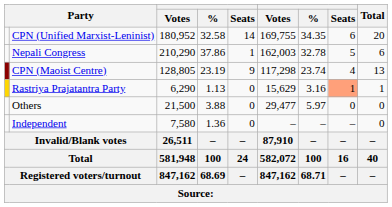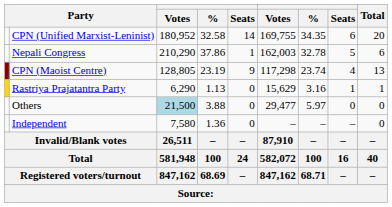 <table class="wikitable" style="text-align:right">
 <tr>
 <th colspan="2" rowspan="2">Party</th>
 <th colspan="3"></th>
 <th colspan="3"></th>
 <th rowspan="2">Total</th>
 </tr>
 <tr>
 <th>Votes</th>
 <th>%</th>
 <th>Seats</th>
 <th>Votes</th>
 <th>%</th>
 <th>Seats</th>
 </tr>
 <tr>
 <td></td>
 <td align="left"><a href='#'>CPN (Unified Marxist-Leninist)</a></td>
 <td>180,952</td>
 <td>32.58</td>
 <td>14</td>
 <td>169,755</td>
 <td>34.35</td>
 <td>6</td>
 <td>20</td>
 </tr>
 <tr>
 <td></td>
 <td align="left"><a href='#'>Nepali Congress</a></td>
 <td>210,290</td>
 <td>37.86</td>
 <td>1</td>
 <td>162,003</td>
 <td>32.78</td>
 <td>5</td>
 <td>6</td>
 </tr>
 <tr>
 <td bgcolor="8B0000"></td>
 <td align="left"><a href='#'>CPN (Maoist Centre)</a></td>
 <td>128,805</td>
 <td>23.19</td>
 <td>9</td>
 <td>117,298</td>
 <td>23.74</td>
 <td>4</td>
 <td>13</td>
 </tr>
 <tr>
 <td bgcolor=#FFD700></td>
 <td align="left"><a href='#'>Rastriya Prajatantra Party</a></td>
 <td>6,290</td>
 <td>1.13</td>
 <td>0</td>
 <td>15,629</td>
 <td>3.16</td>
-<td style="background: lightsalmon;">1</td>
+<td>1</td>
 <td>1</td>
 </tr>
 <tr>
 <td></td>
 <td align="left">Others</td>
-<td>21,500</td>
+<td style="background: lightblue;">21,500</td>
 <td>3.88</td>
 <td>0</td>
 <td>29,477</td>
 <td>5.97</td>
 <td>0</td>
 <td>0</td>
 </tr>
 <tr>
 <td></td>
 <td align="left"><a href='#'>Independent</a></td>
 <td>7,580</td>
 <td>1.36</td>
 <td>0</td>
 <td>–</td>
 <td>–</td>
 <td>–</td>
 <td>0</td>
 </tr>
 <tr>
 <th colspan="2">Invalid/Blank votes</th>
 <th>26,511</th>
 <th>–</th>
 <th>–</th>
 <th>87,910</th>
 <th>–</th>
 <th>–</th>
 <th>–</th>
 </tr>
 <tr>
 <th colspan="2">Total</th>
 <th>581,948</th>
 <th>100</th>
 <th>24</th>
 <th>582,072</th>
 <th>100</th>
 <th>16</th>
 <th>40</th>
 </tr>
 <tr>
 <th colspan="2">Registered voters/turnout</th>
 <th>847,162</th>
 <th>68.69</th>
 <th>–</th>
 <th>847,162</th>
 <th>68.71</th>
 <th>–</th>
 <th>–</th>
 </tr>
 <tr>
 <th colspan="9">Source: </th>
 </tr>
 </table>
